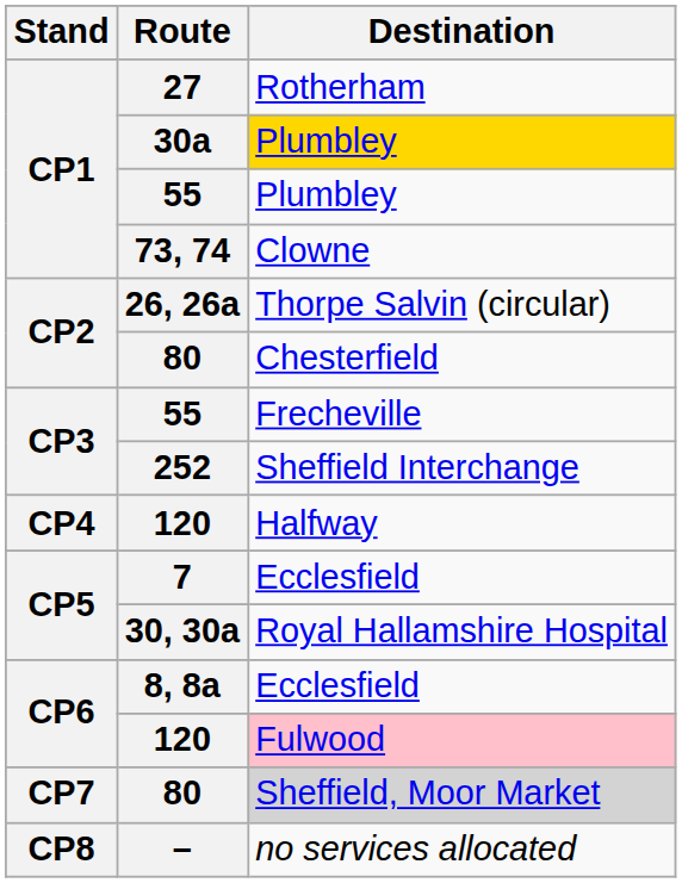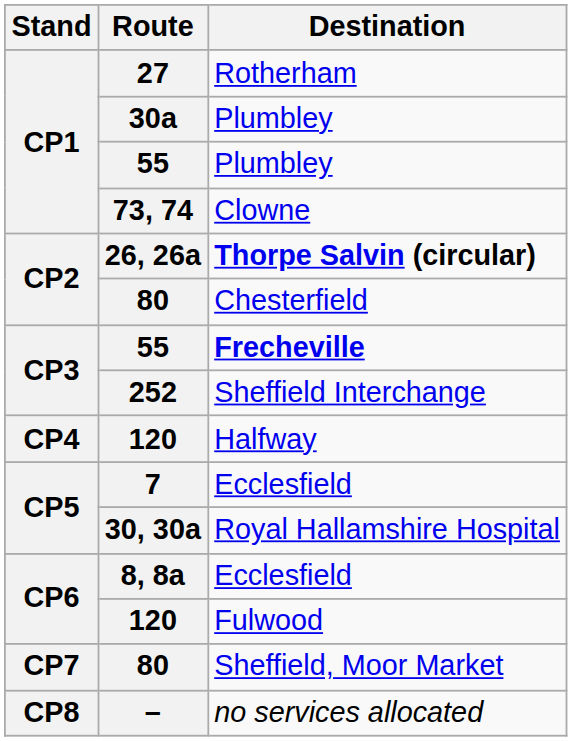 <table class="wikitable">
 <tr>
 <th><strong>Stand</strong></th>
 <th><strong>Route</strong></th>
 <th><strong>Destination</strong></th>
 </tr>
 <tr>
 <th rowspan="4">CP1</th>
 <th>27</th>
 <td><a href='#'>Rotherham</a>     </td>
 </tr>
 <tr>
 <th>30a</th>
-<td style="background: gold;"><a href='#'>Plumbley</a>  </td>
+<td><a href='#'>Plumbley</a>  </td>
 </tr>
 <tr>
 <th>55</th>
 <td><a href='#'>Plumbley</a>  </td>
 </tr>
 <tr>
 <th>73, 74</th>
 <td><a href='#'>Clowne</a>  </td>
 </tr>
 <tr>
 <th rowspan="2">CP2</th>
 <th>26, 26a</th>
-<td><a href='#'>Thorpe Salvin</a> (circular)  </td>
+<td><strong><a href='#'>Thorpe Salvin</a> (circular)  </strong></td>
 </tr>
 <tr>
 <th>80</th>
 <td><a href='#'>Chesterfield</a>   </td>
 </tr>
 <tr>
 <th rowspan="2">CP3</th>
 <th>55</th>
-<td><a href='#'>Frecheville</a>  </td>
+<td><strong><a href='#'>Frecheville</a>  </strong></td>
 </tr>
 <tr>
 <th>252</th>
 <td><a href='#'>Sheffield Interchange</a>     </td>
 </tr>
 <tr>
 <th>CP4</th>
 <th>120</th>
 <td><a href='#'>Halfway</a>   </td>
 </tr>
 <tr>
 <th rowspan="2">CP5</th>
 <th>7</th>
 <td><a href='#'>Ecclesfield</a>  </td>
 </tr>
 <tr>
 <th>30, 30a</th>
 <td><a href='#'>Royal Hallamshire Hospital</a>  </td>
 </tr>
 <tr>
 <th rowspan="2">CP6</th>
 <th>8, 8a</th>
 <td><a href='#'>Ecclesfield</a>  </td>
 </tr>
 <tr>
 <th>120</th>
-<td style="background: pink;"><a href='#'>Fulwood</a>  </td>
+<td><a href='#'>Fulwood</a>  </td>
 </tr>
 <tr>
 <th>CP7</th>
 <th>80</th>
-<td style="background: lightgrey;"><a href='#'>Sheffield, Moor Market</a>   </td>
+<td><a href='#'>Sheffield, Moor Market</a>   </td>
 </tr>
 <tr>
 <th>CP8</th>
 <th>–</th>
 <td><em>no services allocated</em></td>
 </tr>
 </table>
